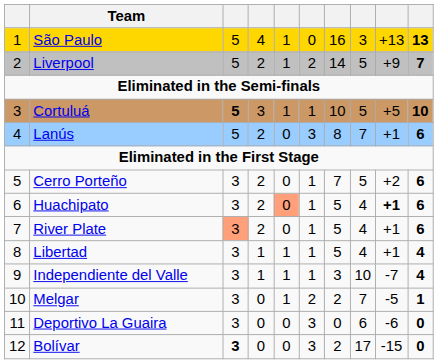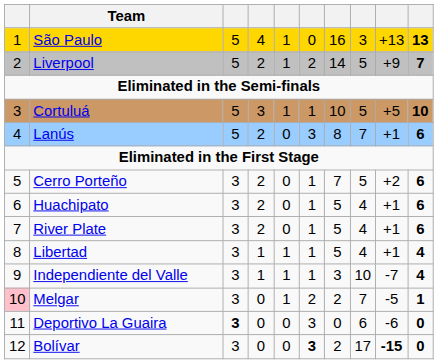 <table class="wikitable" style="text-align: center;">
 <tr>
 <th width="20"></th>
 <th style="width:200px;">Team</th>
 <th width="20"></th>
 <th width="20"></th>
 <th width="20"></th>
 <th width="20"></th>
 <th width="20"></th>
 <th width="20"></th>
 <th width="20"></th>
 <th width="20"></th>
 </tr>
 <tr style="background:gold;">
 <td>1</td>
 <td align="left"> <a href='#'>São Paulo</a></td>
 <td>5</td>
 <td>4</td>
 <td>1</td>
 <td>0</td>
 <td>16</td>
 <td>3</td>
 <td>+13</td>
 <td><strong>13</strong></td>
 </tr>
 <tr style="background:silver;">
 <td>2</td>
 <td align="left"> <a href='#'>Liverpool</a></td>
 <td>5</td>
 <td>2</td>
 <td>1</td>
 <td>2</td>
 <td>14</td>
 <td>5</td>
 <td>+9</td>
 <td><strong>7</strong></td>
 </tr>
 <tr>
 <td colspan=11><strong>Eliminated in the Semi-finals</strong></td>
 </tr>
 <tr style="background:#c96;">
 <td>3</td>
 <td align="left"> <a href='#'>Cortuluá</a></td>
-<td><strong>5</strong></td>
+<td>5</td>
 <td>3</td>
 <td>1</td>
 <td>1</td>
 <td>10</td>
 <td>5</td>
 <td>+5</td>
 <td><strong>10</strong></td>
 </tr>
 <tr style="background:#9acdff;">
 <td>4</td>
 <td align="left"> <a href='#'>Lanús</a></td>
 <td>5</td>
 <td>2</td>
 <td>0</td>
 <td>3</td>
 <td>8</td>
 <td>7</td>
 <td>+1</td>
 <td><strong>6</strong></td>
 </tr>
 <tr>
 <td colspan=11><strong>Eliminated in the First Stage</strong></td>
 </tr>
 <tr>
 <td>5</td>
 <td align=left> <a href='#'>Cerro Porteño</a></td>
 <td>3</td>
 <td>2</td>
 <td>0</td>
 <td>1</td>
 <td>7</td>
 <td>5</td>
 <td>+2</td>
 <td><strong>6</strong></td>
 </tr>
 <tr>
 <td>6</td>
 <td align=left> <a href='#'>Huachipato</a></td>
 <td>3</td>
 <td>2</td>
-<td style="background: lightsalmon;">0</td>
+<td>0</td>
 <td>1</td>
 <td>5</td>
 <td>4</td>
-<td><strong>+1</strong></td>
+<td>+1</td>
 <td><strong>6</strong></td>
 </tr>
 <tr>
 <td>7</td>
 <td align=left> <a href='#'>River Plate</a></td>
-<td style="background: lightsalmon;">3</td>
+<td>3</td>
 <td>2</td>
 <td>0</td>
 <td>1</td>
 <td>5</td>
 <td>4</td>
 <td>+1</td>
 <td><strong>6</strong></td>
 </tr>
 <tr>
 <td>8</td>
 <td align=left> <a href='#'>Libertad</a></td>
 <td>3</td>
 <td>1</td>
 <td>1</td>
 <td>1</td>
 <td>5</td>
 <td>4</td>
 <td>+1</td>
 <td><strong>4</strong></td>
 </tr>
 <tr>
 <td>9</td>
 <td align=left> <a href='#'>Independiente del Valle</a></td>
 <td>3</td>
 <td>1</td>
 <td>1</td>
 <td>1</td>
 <td>3</td>
 <td>10</td>
 <td>-7</td>
 <td><strong>4</strong></td>
 </tr>
 <tr>
-<td>10</td>
+<td style="background: pink;">10</td>
 <td align=left> <a href='#'>Melgar</a></td>
 <td>3</td>
 <td>0</td>
 <td>1</td>
 <td>2</td>
 <td>2</td>
 <td>7</td>
 <td>-5</td>
 <td><strong>1</strong></td>
 </tr>
 <tr>
 <td>11</td>
 <td align="left"> <a href='#'>Deportivo La Guaira</a></td>
-<td>3</td>
+<td><strong>3</strong></td>
 <td>0</td>
 <td>0</td>
 <td>3</td>
 <td>0</td>
 <td>6</td>
 <td>-6</td>
 <td><strong>0</strong></td>
 </tr>
 <tr>
 <td>12</td>
 <td align="left"> <a href='#'>Bolívar</a></td>
-<td><strong>3</strong></td>
+<td>3</td>
 <td>0</td>
 <td>0</td>
-<td>3</td>
+<td><strong>3</strong></td>
 <td>2</td>
 <td>17</td>
-<td>-15</td>
+<td><strong>-15</strong></td>
 <td><strong>0</strong></td>
 </tr>
 </table>
